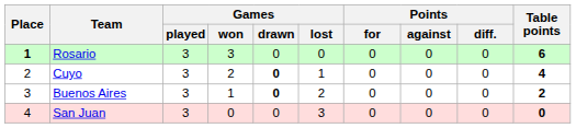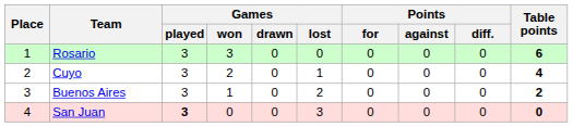 <table class="wikitable">
 <tr>
 <th rowspan=2 width="8%">Place</th>
 <th rowspan=2 width="20%">Team</th>
 <th colspan=4 width="32%">Games</th>
 <th colspan=3 width="30%">Points</th>
 <th rowspan=2 width="10%">Table<br>points</th>
 </tr>
 <tr>
 <th width="8%">played</th>
 <th width="8%">won</th>
 <th width="8%">drawn</th>
 <th width="8%">lost</th>
 <th width="10%">for</th>
 <th width="10%">against</th>
 <th width="10%">diff.</th>
 </tr>
 <tr align=center style="background: #ccffcc;">
-<td><strong>1</strong></td>
+<td>1</td>
 <td align=left><a href='#'>Rosario</a></td>
 <td>3</td>
 <td>3</td>
 <td>0</td>
 <td>0</td>
 <td>0</td>
 <td>0</td>
 <td>0</td>
 <td><strong>6</strong></td>
 </tr>
 <tr align=center style="background: #ffffff;">
 <td>2</td>
 <td align=left><a href='#'>Cuyo</a></td>
 <td>3</td>
 <td>2</td>
-<td><strong>0</strong></td>
+<td>0</td>
 <td>1</td>
 <td>0</td>
 <td>0</td>
 <td>0</td>
 <td><strong>4</strong></td>
 </tr>
 <tr align=center style="background: #ffffff;">
 <td>3</td>
 <td align=left><a href='#'>Buenos Aires</a></td>
 <td>3</td>
 <td>1</td>
-<td><strong>0</strong></td>
+<td>0</td>
 <td>2</td>
 <td>0</td>
 <td>0</td>
 <td>0</td>
 <td><strong>2</strong></td>
 </tr>
 <tr align=center style="background: #ffdddd;">
 <td>4</td>
 <td align=left><a href='#'>San Juan</a></td>
-<td>3</td>
+<td><strong>3</strong></td>
 <td>0</td>
 <td>0</td>
 <td>3</td>
 <td>0</td>
 <td>0</td>
 <td>0</td>
 <td><strong>0</strong></td>
 </tr>
 </table>
